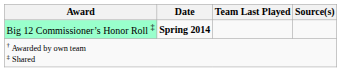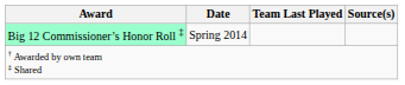 <table class="wikitable sortable" style="text-align:left">
 <tr style="text-align:left;">
 <th>Award</th>
 <th>Date</th>
 <th>Team Last Played</th>
 <th ! class="unsortable">Source(s)</th>
 </tr>
 <tr>
 <td style="background:#9fc;">Big 12 Commissioner’s Honor Roll <sup>‡</sup></td>
-<td><strong>Spring 2014</strong></td>
+<td>Spring 2014</td>
 <td></td>
 <td></td>
 </tr>
 <tr class="sortbottom">
 <td colspan = 13 style="text-align:left;"><small><sup>†</sup> Awarded by own team<br><sup>‡</sup> Shared</small></td>
 </tr>
 </table>
